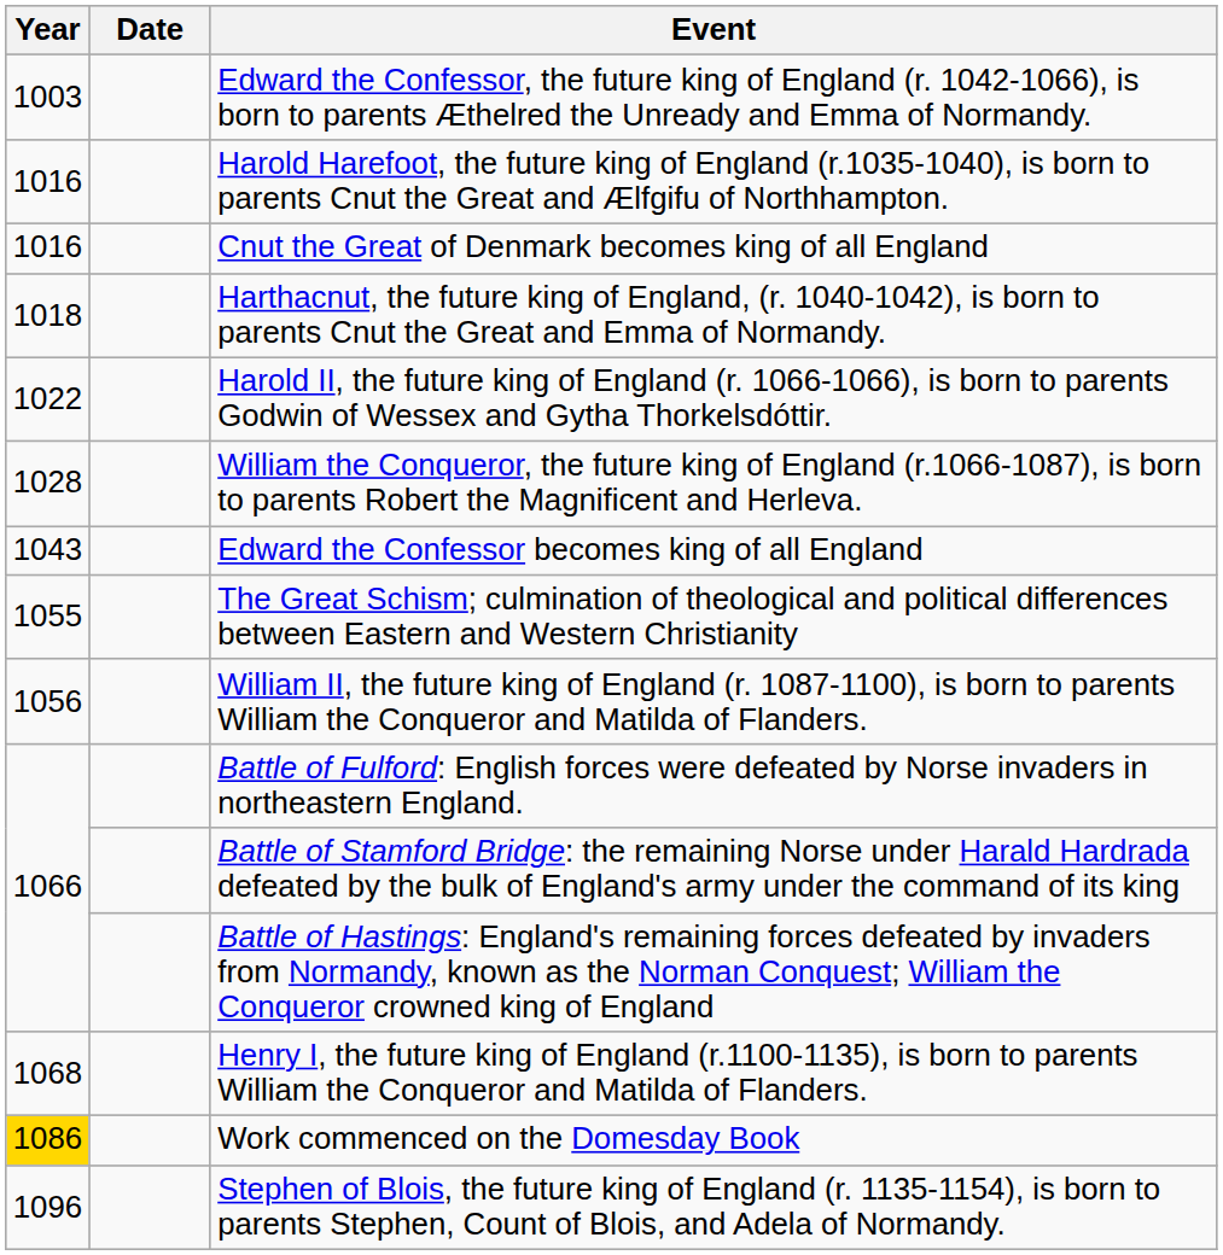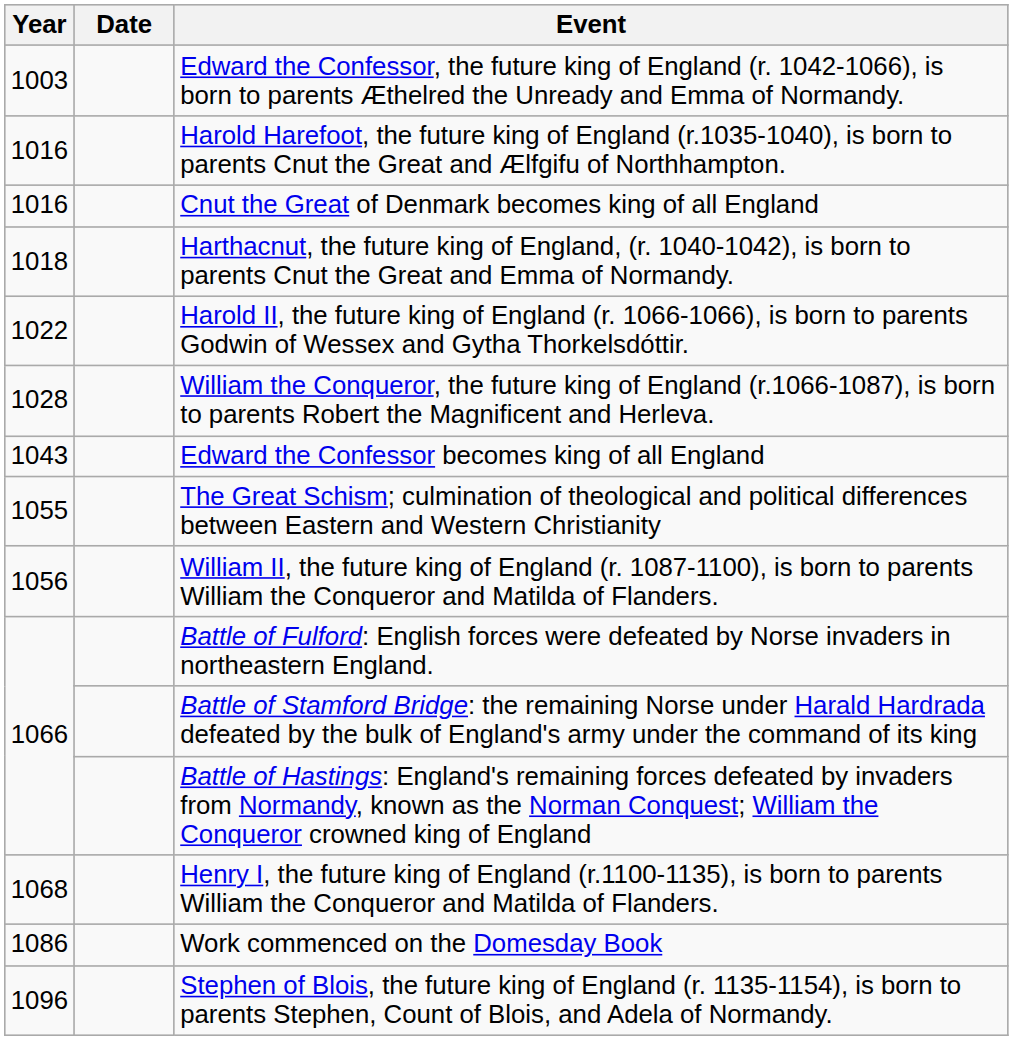 <table class="wikitable" width="100%">
 <tr>
 <th style="width:6%">Year</th>
 <th style="width:10%">Date</th>
 <th>Event</th>
 </tr>
 <tr>
 <td>1003</td>
 <td></td>
 <td><a href='#'>Edward the Confessor</a>, the future king of England (r. 1042-1066), is born to parents Æthelred the Unready and Emma of Normandy.</td>
 </tr>
 <tr>
 <td>1016</td>
 <td></td>
 <td><a href='#'>Harold Harefoot</a>, the future king of England (r.1035-1040), is born to parents Cnut the Great and Ælfgifu of Northhampton.</td>
 </tr>
 <tr>
 <td>1016</td>
 <td></td>
 <td><a href='#'>Cnut the Great</a> of Denmark becomes king of all England</td>
 </tr>
 <tr>
 <td>1018</td>
 <td></td>
 <td><a href='#'>Harthacnut</a>, the future king of England, (r. 1040-1042), is born to parents Cnut the Great and Emma of Normandy.</td>
 </tr>
 <tr>
 <td>1022</td>
 <td></td>
 <td><a href='#'>Harold II</a>, the future king of England (r. 1066-1066), is born to parents Godwin of Wessex and Gytha Thorkelsdóttir.</td>
 </tr>
 <tr>
 <td>1028</td>
 <td></td>
 <td><a href='#'>William the Conqueror</a>, the future king of England (r.1066-1087), is born to parents Robert the Magnificent and Herleva.</td>
 </tr>
 <tr>
 <td>1043</td>
 <td></td>
 <td><a href='#'>Edward the Confessor</a> becomes king of all England</td>
 </tr>
 <tr>
 <td>1055</td>
 <td></td>
 <td><a href='#'>The Great Schism</a>; culmination of theological and political differences between Eastern and Western Christianity</td>
 </tr>
 <tr>
 <td>1056</td>
 <td></td>
 <td><a href='#'>William II</a>, the future king of England (r. 1087-1100), is born to parents William the Conqueror and Matilda of Flanders.</td>
 </tr>
 <tr>
 <td rowspan=3>1066</td>
 <td></td>
 <td><em><a href='#'>Battle of Fulford</a></em>: English forces were defeated by Norse invaders in northeastern England.</td>
 </tr>
 <tr>
 <td></td>
 <td><em><a href='#'>Battle of Stamford Bridge</a></em>: the remaining Norse under <a href='#'>Harald Hardrada</a> defeated by the bulk of England's army under the command of its king</td>
 </tr>
 <tr>
 <td></td>
 <td><em><a href='#'>Battle of Hastings</a></em>: England's remaining forces defeated by invaders from <a href='#'>Normandy</a>, known as the <a href='#'>Norman Conquest</a>; <a href='#'>William the Conqueror</a> crowned king of England</td>
 </tr>
 <tr>
 <td>1068</td>
 <td></td>
 <td><a href='#'>Henry I</a>, the future king of England (r.1100-1135), is born to parents William the Conqueror and Matilda of Flanders.</td>
 </tr>
 <tr>
-<td style="background: gold;">1086</td>
+<td>1086</td>
 <td></td>
 <td>Work commenced on the <a href='#'>Domesday Book</a></td>
 </tr>
 <tr>
 <td>1096</td>
 <td></td>
 <td><a href='#'>Stephen of Blois</a>, the future king of England (r. 1135-1154), is born to parents Stephen, Count of Blois, and Adela of Normandy.</td>
 </tr>
 </table>
